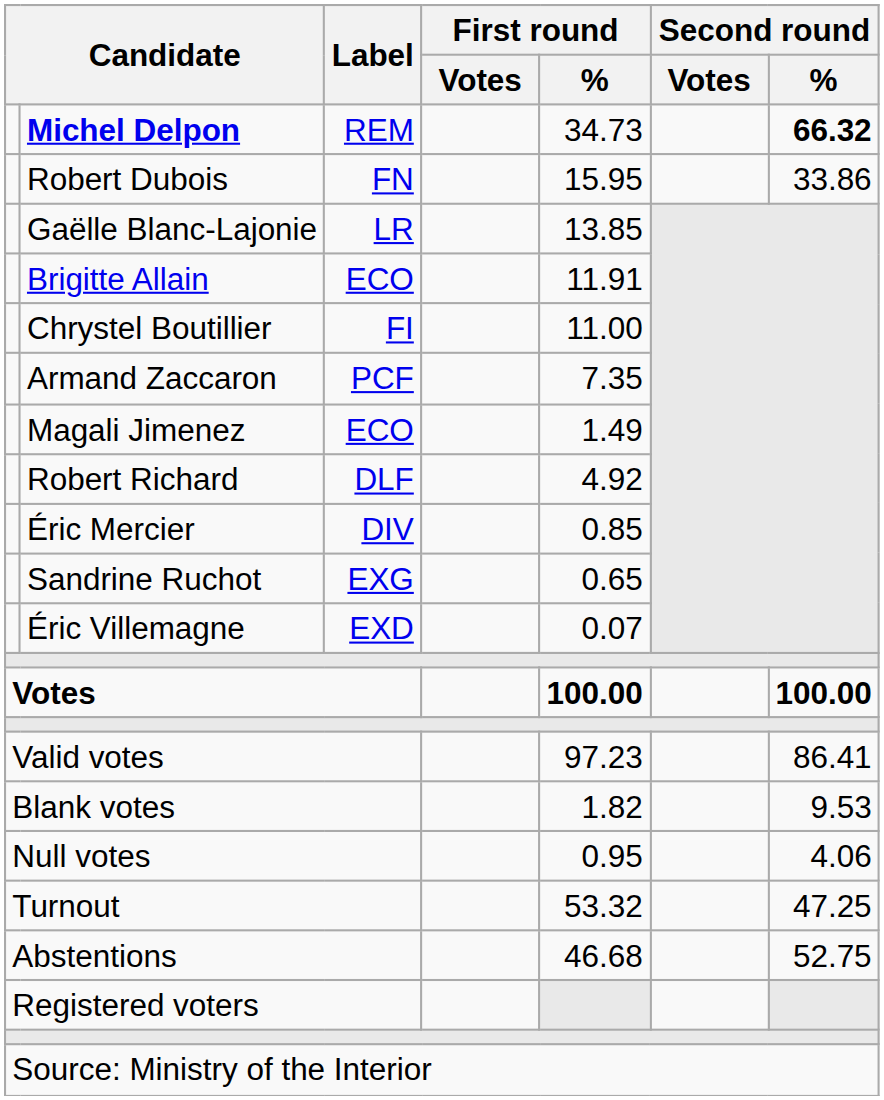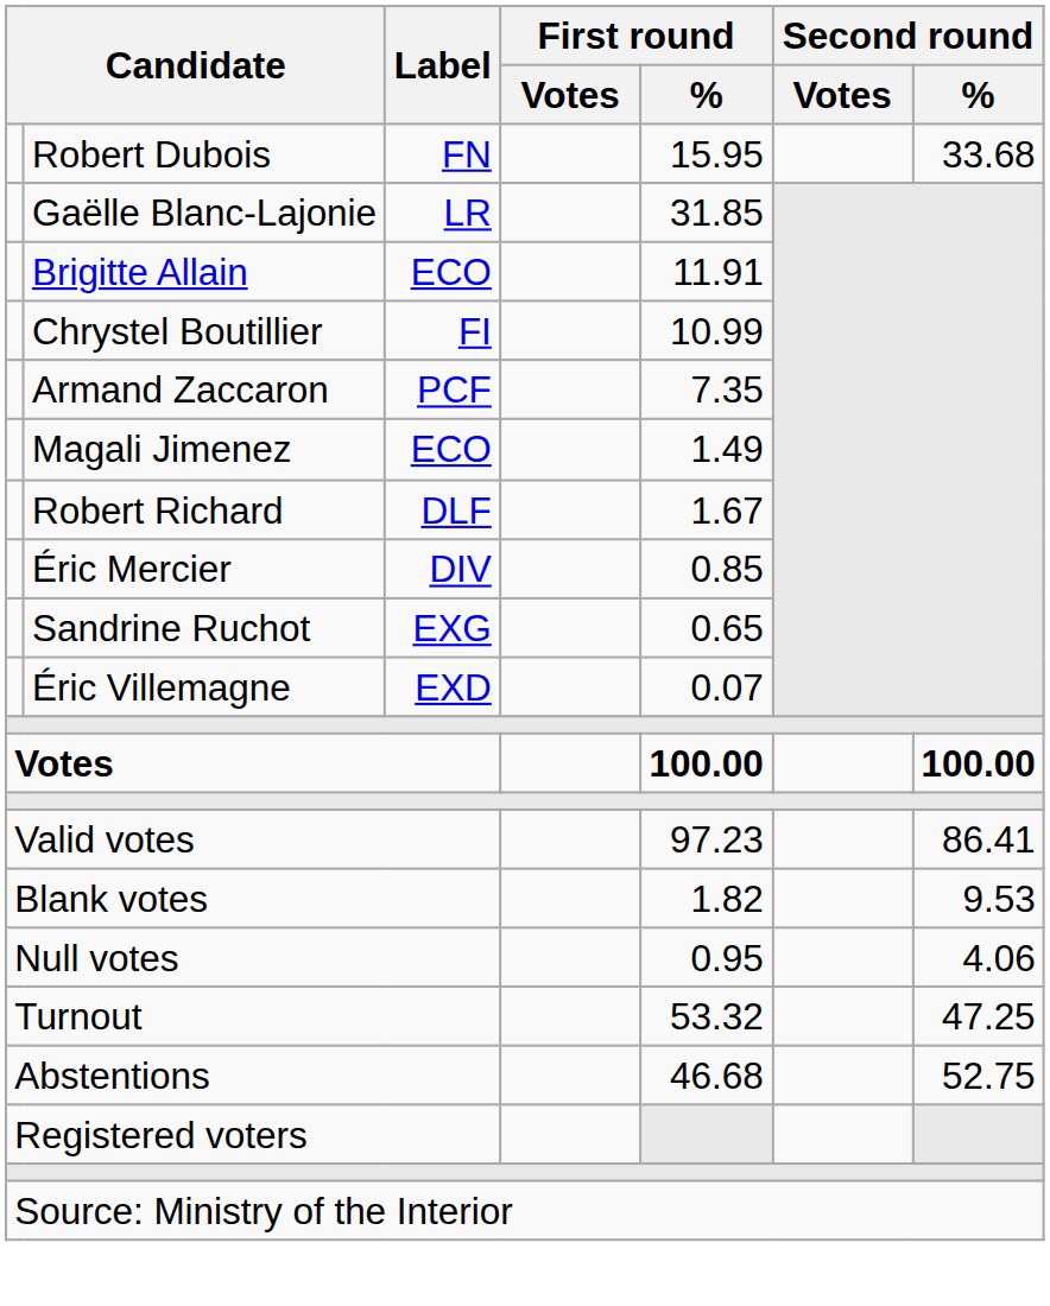 <table class="wikitable" style="text-align:right;font-size:95%;">
 <tr>
 <th rowspan="2" colspan="2">Candidate</th>
 <th rowspan="2">Label</th>
 <th colspan="2">First round</th>
 <th colspan="2">Second round</th>
 </tr>
 <tr>
 <th style="width:50px;">Votes</th>
 <th style="width:45px;">%</th>
 <th style="width:50px;">Votes</th>
 <th style="width:45px;">%</th>
 </tr>
 <tr>
 <td style="color:inherit;background:"></td>
-<td style="text-align:left;"><strong><a href='#'>Michel Delpon</a></strong></td>
-<td><a href='#'>REM</a></td>
-<td></td>
-<td>34.73</td>
-<td><strong></strong></td>
-<td><strong>66.32</strong></td>
-</tr>
-<tr>
-<td style="color:inherit;background:"></td>
 <td style="text-align:left;">Robert Dubois</td>
 <td><a href='#'>FN</a></td>
 <td></td>
 <td>15.95</td>
 <td></td>
-<td>33.86</td>
+<td>33.68</td>
 </tr>
 <tr>
 <td style="color:inherit;background:"></td>
 <td style="text-align:left;">Gaëlle Blanc-Lajonie</td>
 <td><a href='#'>LR</a></td>
 <td></td>
-<td>13.85</td>
+<td>31.85</td>
 <td colspan="2" rowspan="9" style="background:#E9E9E9;"></td>
 </tr>
 <tr>
 <td style="color:inherit;background:"></td>
 <td style="text-align:left;"><a href='#'>Brigitte Allain</a></td>
 <td><a href='#'>ECO</a></td>
 <td></td>
 <td>11.91</td>
 </tr>
 <tr>
 <td style="color:inherit;background:"></td>
 <td style="text-align:left;">Chrystel Boutillier</td>
 <td><a href='#'>FI</a></td>
 <td></td>
-<td>11.00</td>
+<td>10.99</td>
 </tr>
 <tr>
 <td style="color:inherit;background:"></td>
 <td style="text-align:left;">Armand Zaccaron</td>
 <td><a href='#'>PCF</a></td>
 <td></td>
 <td>7.35</td>
 </tr>
 <tr>
 <td style="color:inherit;background:"></td>
 <td style="text-align:left;">Magali Jimenez</td>
 <td><a href='#'>ECO</a></td>
 <td></td>
 <td>1.49</td>
 </tr>
 <tr>
 <td style="color:inherit;background:"></td>
 <td style="text-align:left;">Robert Richard</td>
 <td><a href='#'>DLF</a></td>
 <td></td>
-<td>4.92</td>
+<td>1.67</td>
 </tr>
 <tr>
 <td style="color:inherit;background:"></td>
 <td style="text-align:left;">Éric Mercier</td>
 <td><a href='#'>DIV</a></td>
 <td></td>
 <td>0.85</td>
 </tr>
 <tr>
 <td style="color:inherit;background:"></td>
 <td style="text-align:left;">Sandrine Ruchot</td>
 <td><a href='#'>EXG</a></td>
 <td></td>
 <td>0.65</td>
 </tr>
 <tr>
 <td style="color:inherit;background:"></td>
 <td style="text-align:left;">Éric Villemagne</td>
 <td><a href='#'>EXD</a></td>
 <td></td>
 <td>0.07</td>
 </tr>
 <tr>
 <td colspan="7" style="background:#E9E9E9;"></td>
 </tr>
 <tr style="font-weight:bold;">
 <td colspan="3" style="text-align:left;">Votes</td>
 <td></td>
 <td>100.00</td>
 <td></td>
 <td>100.00</td>
 </tr>
 <tr>
 <td colspan="7" style="background:#E9E9E9;"></td>
 </tr>
 <tr>
 <td colspan="3" style="text-align:left;">Valid votes</td>
 <td></td>
 <td>97.23</td>
 <td></td>
 <td>86.41</td>
 </tr>
 <tr>
 <td colspan="3" style="text-align:left;">Blank votes</td>
 <td></td>
 <td>1.82</td>
 <td></td>
 <td>9.53</td>
 </tr>
 <tr>
 <td colspan="3" style="text-align:left;">Null votes</td>
 <td></td>
 <td>0.95</td>
 <td></td>
 <td>4.06</td>
 </tr>
 <tr>
 <td colspan="3" style="text-align:left;">Turnout</td>
 <td></td>
 <td>53.32</td>
 <td></td>
 <td>47.25</td>
 </tr>
 <tr>
 <td colspan="3" style="text-align:left;">Abstentions</td>
 <td></td>
 <td>46.68</td>
 <td></td>
 <td>52.75</td>
 </tr>
 <tr>
 <td colspan="3" style="text-align:left;">Registered voters</td>
 <td></td>
 <td style="color:inherit;background:#E9E9E9;"></td>
 <td></td>
 <td style="color:inherit;background:#E9E9E9;"></td>
 </tr>
 <tr>
 <td colspan="7" style="background:#E9E9E9;"></td>
 </tr>
 <tr>
 <td colspan="7" style="text-align:left;">Source: Ministry of the Interior</td>
 </tr>
 </table>
